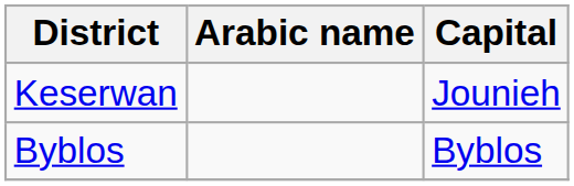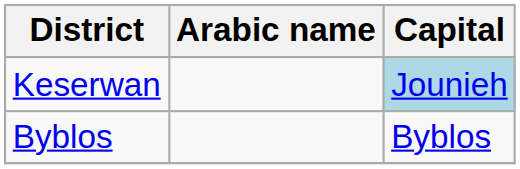 <table class="wikitable sortable">
 <tr>
 <th>District</th>
 <th>Arabic name</th>
 <th>Capital</th>
 </tr>
 <tr>
 <td><a href='#'>Keserwan</a></td>
 <td></td>
-<td><a href='#'>Jounieh</a></td>
+<td style="background: lightblue;"><a href='#'>Jounieh</a></td>
 </tr>
 <tr>
 <td><a href='#'>Byblos</a></td>
 <td></td>
 <td><a href='#'>Byblos</a></td>
 </tr>
 <tr>
 </tr>
 </table>
